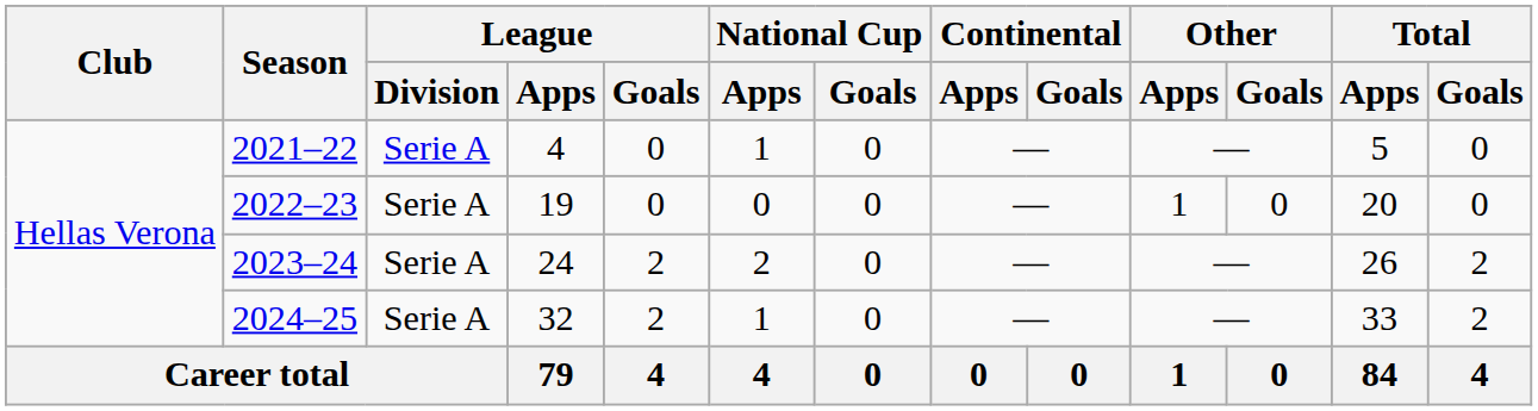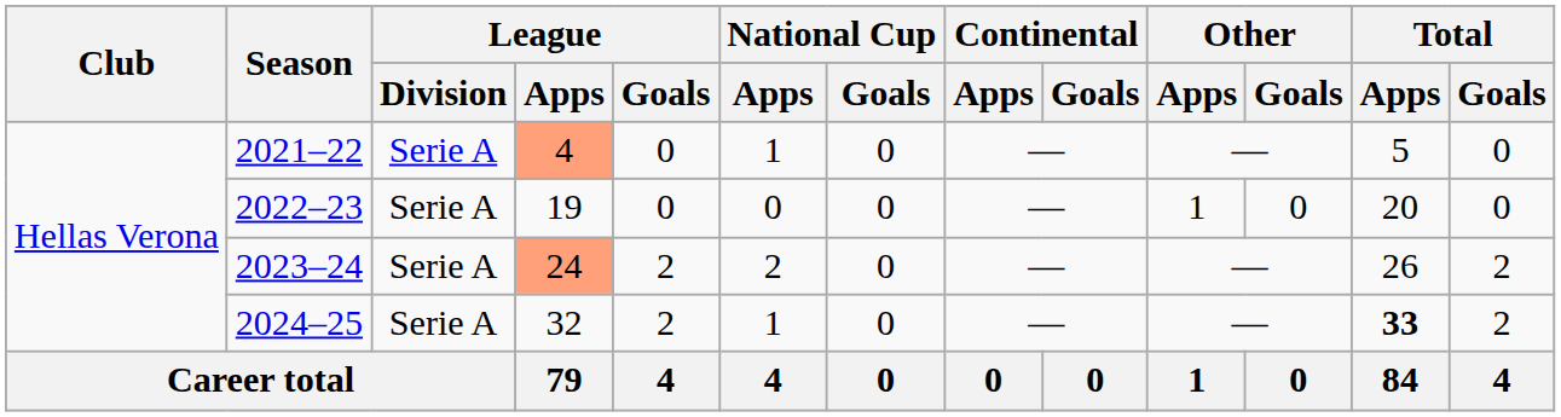 <table class="wikitable" style="text-align: center">
 <tr>
 <th rowspan="2">Club</th>
 <th rowspan="2">Season</th>
 <th colspan="3">League</th>
 <th colspan="2">National Cup</th>
 <th colspan="2">Continental</th>
 <th colspan="2">Other</th>
 <th colspan="2">Total</th>
 </tr>
 <tr>
 <th>Division</th>
 <th>Apps</th>
 <th>Goals</th>
 <th>Apps</th>
 <th>Goals</th>
 <th>Apps</th>
 <th>Goals</th>
 <th>Apps</th>
 <th>Goals</th>
 <th>Apps</th>
 <th>Goals</th>
 </tr>
 <tr>
 <td rowspan="4"><a href='#'>Hellas Verona</a></td>
 <td><a href='#'>2021–22</a></td>
 <td><a href='#'>Serie A</a></td>
-<td>4</td>
+<td style="background: lightsalmon;">4</td>
 <td>0</td>
 <td>1</td>
 <td>0</td>
 <td colspan="2">—</td>
 <td colspan="2">—</td>
 <td>5</td>
 <td>0</td>
 </tr>
 <tr>
 <td><a href='#'>2022–23</a></td>
 <td>Serie A</td>
 <td>19</td>
 <td>0</td>
 <td>0</td>
 <td>0</td>
 <td colspan="2">—</td>
 <td>1</td>
 <td>0</td>
 <td>20</td>
 <td>0</td>
 </tr>
 <tr>
 <td><a href='#'>2023–24</a></td>
 <td>Serie A</td>
-<td>24</td>
+<td style="background: lightsalmon;">24</td>
 <td>2</td>
 <td>2</td>
 <td>0</td>
 <td colspan="2">—</td>
 <td colspan="2">—</td>
 <td>26</td>
 <td>2</td>
 </tr>
 <tr>
 <td><a href='#'>2024–25</a></td>
 <td>Serie A</td>
 <td>32</td>
 <td>2</td>
 <td>1</td>
 <td>0</td>
 <td colspan="2">—</td>
 <td colspan="2">—</td>
-<td>33</td>
+<td><strong>33</strong></td>
 <td>2</td>
 </tr>
 <tr>
 <th colspan="3">Career total</th>
 <th>79</th>
 <th>4</th>
 <th>4</th>
 <th>0</th>
 <th>0</th>
 <th>0</th>
 <th>1</th>
 <th>0</th>
 <th>84</th>
 <th>4</th>
 </tr>
 </table>
